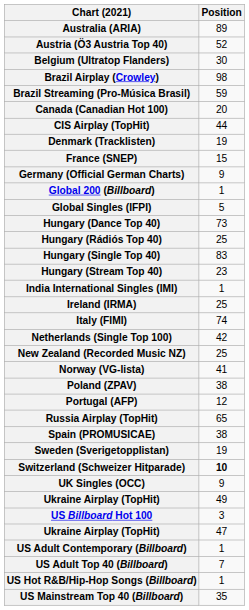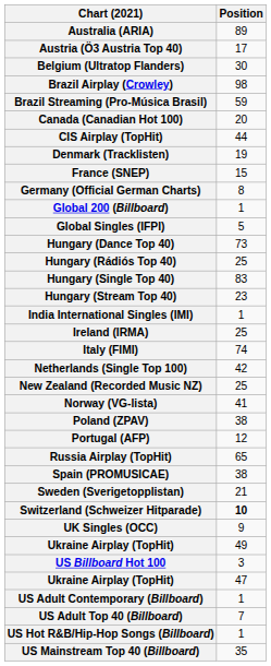 <table class="wikitable sortable plainrowheaders" style="text-align:center">
 <tr>
 <th scope="col">Chart (2021)</th>
 <th scope="col">Position</th>
 </tr>
 <tr>
 <th scope="row">Australia (ARIA)</th>
 <td>89</td>
 </tr>
 <tr>
 <th scope="row">Austria (Ö3 Austria Top 40)</th>
-<td>52</td>
+<td>17</td>
 </tr>
 <tr>
 <th scope="row">Belgium (Ultratop Flanders)</th>
 <td>30</td>
 </tr>
 <tr>
 <th scope="row">Brazil Airplay (<a href='#'>Crowley</a>)</th>
 <td>98</td>
 </tr>
 <tr>
 <th scope="row">Brazil Streaming (Pro-Música Brasil)</th>
 <td>59</td>
 </tr>
 <tr>
 <th scope="row">Canada (Canadian Hot 100)</th>
 <td>20</td>
 </tr>
 <tr>
 <th scope="row">CIS Airplay (TopHit)</th>
 <td>44</td>
 </tr>
 <tr>
 <th scope="row">Denmark (Tracklisten)</th>
 <td>19</td>
 </tr>
 <tr>
 <th scope="row">France (SNEP)</th>
 <td>15</td>
 </tr>
 <tr>
 <th scope="row">Germany (Official German Charts)</th>
-<td>9</td>
+<td>8</td>
 </tr>
 <tr>
 <th scope="row"><a href='#'>Global 200</a> (<em>Billboard</em>)</th>
 <td>1</td>
 </tr>
 <tr>
 <th scope="row">Global Singles (IFPI)</th>
 <td>5</td>
 </tr>
 <tr>
 <th scope="row">Hungary (Dance Top 40)</th>
 <td>73</td>
 </tr>
 <tr>
 <th scope="row">Hungary (Rádiós Top 40)</th>
 <td>25</td>
 </tr>
 <tr>
 <th scope="row">Hungary (Single Top 40)</th>
 <td>83</td>
 </tr>
 <tr>
 <th scope="row">Hungary (Stream Top 40)</th>
 <td>23</td>
 </tr>
 <tr>
 <th scope="row">India International Singles (IMI)</th>
 <td>1</td>
 </tr>
 <tr>
 <th scope="row">Ireland (IRMA)</th>
 <td>25</td>
 </tr>
 <tr>
 <th scope="row">Italy (FIMI)</th>
 <td>74</td>
 </tr>
 <tr>
 <th scope="row">Netherlands (Single Top 100)</th>
 <td>42</td>
 </tr>
 <tr>
 <th scope="row">New Zealand (Recorded Music NZ)</th>
 <td>25</td>
 </tr>
 <tr>
 <th scope="row">Norway (VG-lista)</th>
 <td>41</td>
 </tr>
 <tr>
 <th scope="row">Poland (ZPAV)</th>
 <td>38</td>
 </tr>
 <tr>
 <th scope="row">Portugal (AFP)</th>
 <td>12</td>
 </tr>
 <tr>
 <th scope="row">Russia Airplay (TopHit)</th>
 <td>65</td>
 </tr>
 <tr>
 <th scope="row">Spain (PROMUSICAE)</th>
 <td>38</td>
 </tr>
 <tr>
 <th scope="row">Sweden (Sverigetopplistan)</th>
-<td>19</td>
+<td>21</td>
 </tr>
 <tr>
 <th scope="row">Switzerland (Schweizer Hitparade)</th>
 <td><strong>10</strong></td>
 </tr>
 <tr>
 <th scope="row">UK Singles (OCC)</th>
 <td>9</td>
 </tr>
 <tr>
 <th scope="row">Ukraine Airplay (TopHit)</th>
 <td>49</td>
 </tr>
 <tr>
 <th scope="row"><a href='#'>US <em>Billboard</em> Hot 100</a></th>
 <td>3</td>
 </tr>
 <tr>
 <th scope="row">Ukraine Airplay (TopHit)</th>
 <td>47</td>
 </tr>
 <tr>
 <th scope="row">US Adult Contemporary (<em>Billboard</em>)</th>
 <td>1</td>
 </tr>
 <tr>
 <th scope="row">US Adult Top 40 (<em>Billboard</em>)</th>
 <td>7</td>
 </tr>
 <tr>
 <th scope="row">US Hot R&B/Hip-Hop Songs (<em>Billboard</em>)</th>
 <td>1</td>
 </tr>
 <tr>
 <th scope="row">US Mainstream Top 40 (<em>Billboard</em>)</th>
 <td>35</td>
 </tr>
 </table>
